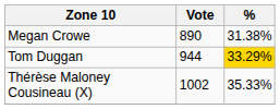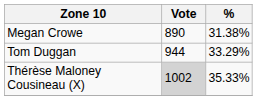 <table class="wikitable">
 <tr>
 <th bgcolor="#DDDDFF" width="200px">Zone 10</th>
 <th bgcolor="#DDDDFF" width="50px">Vote</th>
 <th bgcolor="#DDDDFF" width="30px">%</th>
 </tr>
 <tr>
 <td>Megan Crowe</td>
 <td>890</td>
 <td>31.38%</td>
 </tr>
 <tr>
 <td>Tom Duggan</td>
 <td>944</td>
-<td style="background: gold;">33.29%</td>
+<td>33.29%</td>
 </tr>
 <tr>
 <td>Thérèse Maloney Cousineau (X)</td>
-<td>1002</td>
+<td style="background: lightgrey;">1002</td>
 <td>35.33%</td>
 </tr>
 <tr>
 </tr>
 </table>
